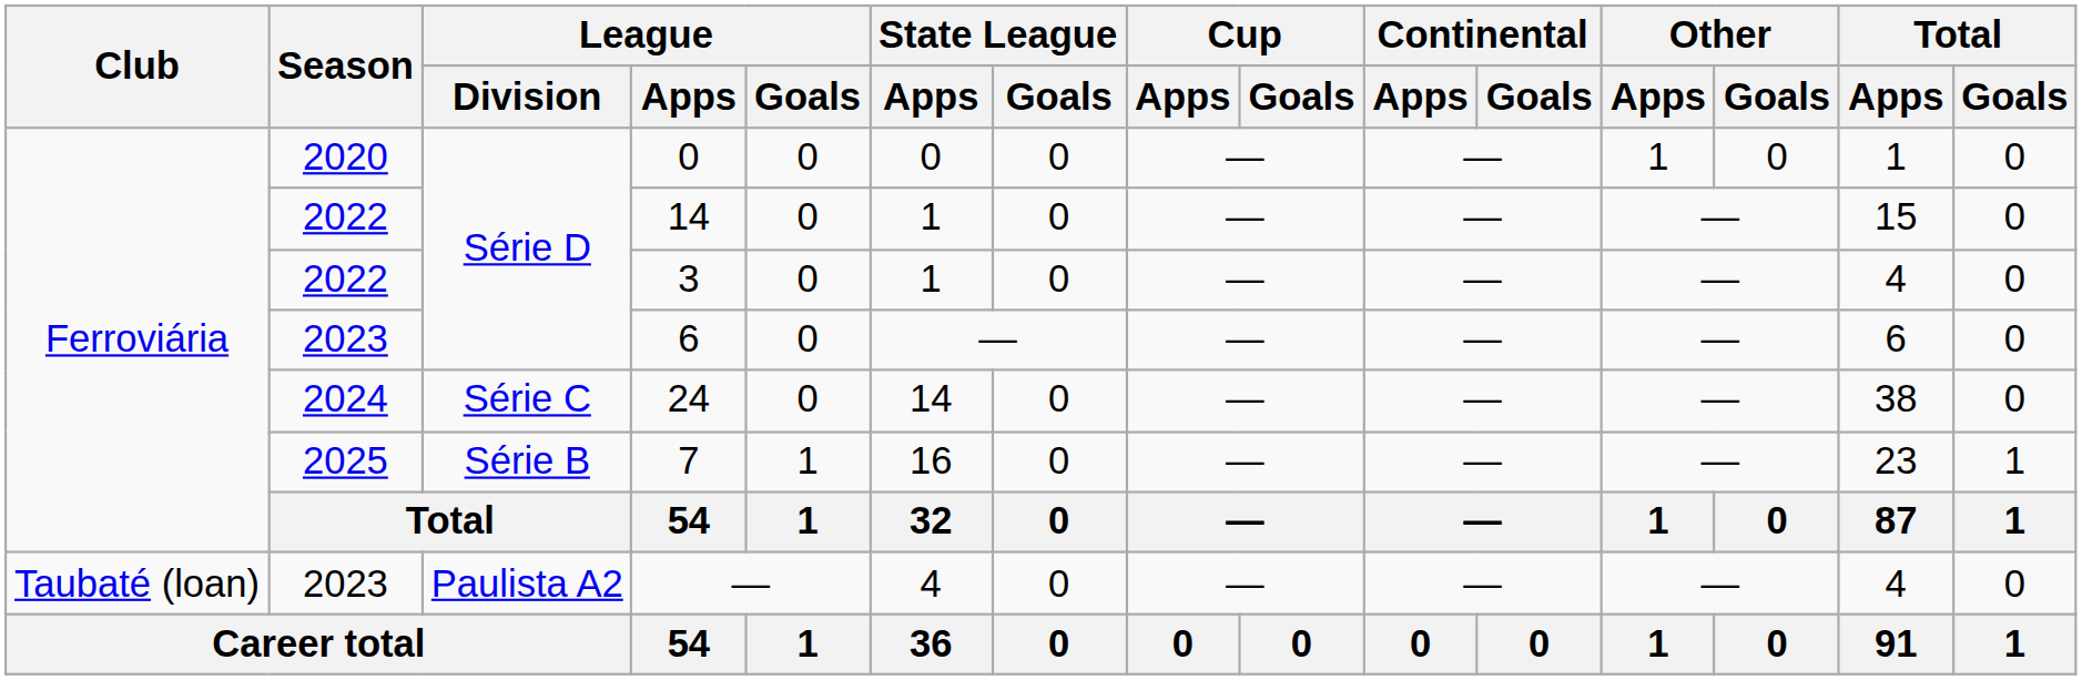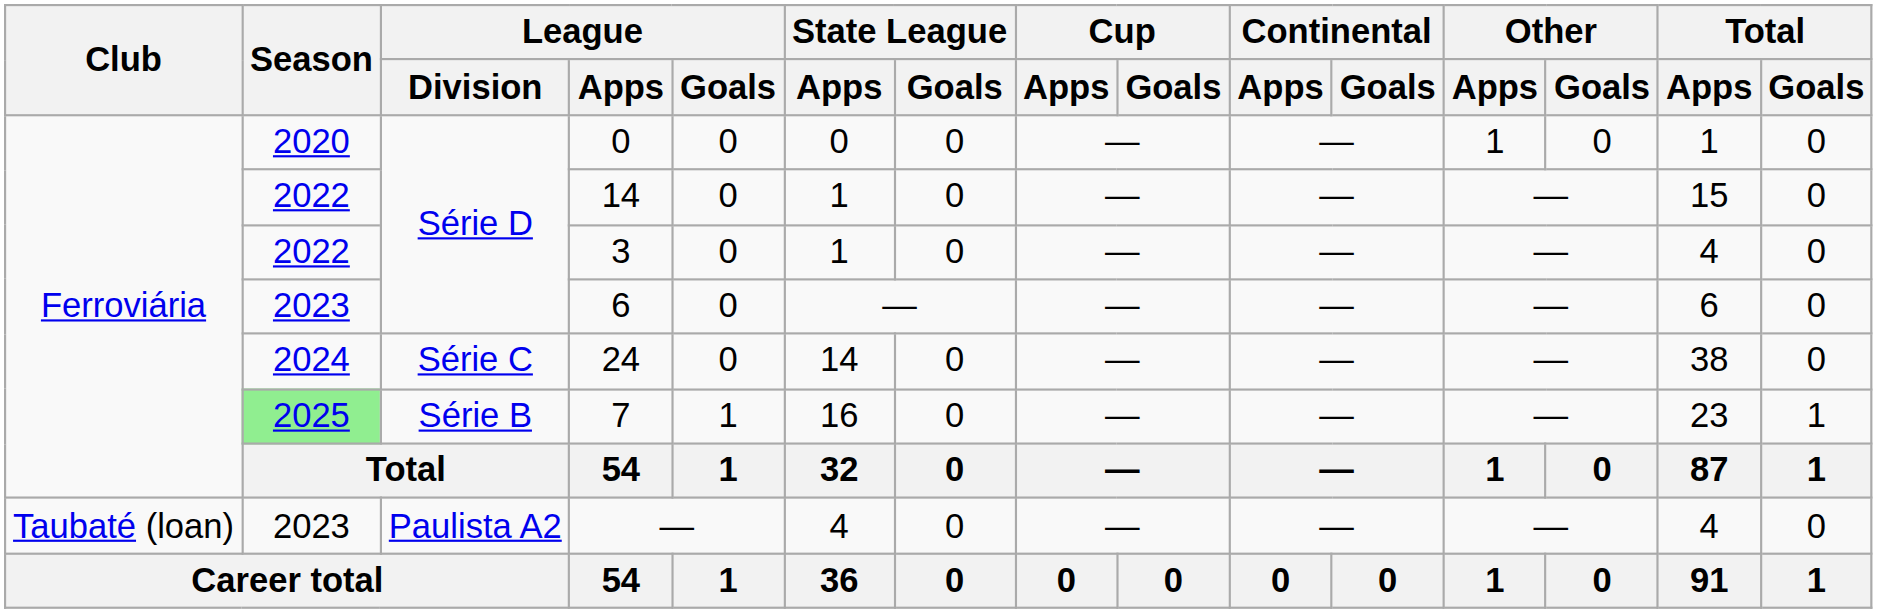 <table class="wikitable" style="text-align: center;">
 <tr>
 <th rowspan="2">Club</th>
 <th rowspan="2">Season</th>
 <th colspan="3">League</th>
 <th colspan="2">State League</th>
 <th colspan="2">Cup</th>
 <th colspan="2">Continental</th>
 <th colspan="2">Other</th>
 <th colspan="2">Total</th>
 </tr>
 <tr>
 <th>Division</th>
 <th>Apps</th>
 <th>Goals</th>
 <th>Apps</th>
 <th>Goals</th>
 <th>Apps</th>
 <th>Goals</th>
 <th>Apps</th>
 <th>Goals</th>
 <th>Apps</th>
 <th>Goals</th>
 <th>Apps</th>
 <th>Goals</th>
 </tr>
 <tr>
 <td rowspan="7"><a href='#'>Ferroviária</a></td>
 <td><a href='#'>2020</a></td>
 <td rowspan="4"><a href='#'>Série D</a></td>
 <td>0</td>
 <td>0</td>
 <td>0</td>
 <td>0</td>
 <td colspan="2">—</td>
 <td colspan="2">—</td>
 <td>1</td>
 <td>0</td>
 <td>1</td>
 <td>0</td>
 </tr>
 <tr>
 <td><a href='#'>2022</a></td>
 <td>14</td>
 <td>0</td>
 <td>1</td>
 <td>0</td>
 <td colspan="2">—</td>
 <td colspan="2">—</td>
 <td colspan="2">—</td>
 <td>15</td>
 <td>0</td>
 </tr>
 <tr>
 <td><a href='#'>2022</a></td>
 <td>3</td>
 <td>0</td>
 <td>1</td>
 <td>0</td>
 <td colspan="2">—</td>
 <td colspan="2">—</td>
 <td colspan="2">—</td>
 <td>4</td>
 <td>0</td>
 </tr>
 <tr>
 <td><a href='#'>2023</a></td>
 <td>6</td>
 <td>0</td>
 <td colspan="2">—</td>
 <td colspan="2">—</td>
 <td colspan="2">—</td>
 <td colspan="2">—</td>
 <td>6</td>
 <td>0</td>
 </tr>
 <tr>
 <td><a href='#'>2024</a></td>
 <td><a href='#'>Série C</a></td>
 <td>24</td>
 <td>0</td>
 <td>14</td>
 <td>0</td>
 <td colspan="2">—</td>
 <td colspan="2">—</td>
 <td colspan="2">—</td>
 <td>38</td>
 <td>0</td>
 </tr>
 <tr>
-<td><a href='#'>2025</a></td>
+<td style="background: lightgreen;"><a href='#'>2025</a></td>
 <td><a href='#'>Série B</a></td>
 <td>7</td>
 <td>1</td>
 <td>16</td>
 <td>0</td>
 <td colspan="2">—</td>
 <td colspan="2">—</td>
 <td colspan="2">—</td>
 <td>23</td>
 <td>1</td>
 </tr>
 <tr>
 <th colspan="2">Total</th>
 <th>54</th>
 <th>1</th>
 <th>32</th>
 <th>0</th>
 <th colspan="2">—</th>
 <th colspan="2">—</th>
 <th>1</th>
 <th>0</th>
 <th>87</th>
 <th>1</th>
 </tr>
 <tr>
 <td><a href='#'>Taubaté</a> (loan)</td>
 <td>2023</td>
 <td><a href='#'>Paulista A2</a></td>
 <td colspan="2">—</td>
 <td>4</td>
 <td>0</td>
 <td colspan="2">—</td>
 <td colspan="2">—</td>
 <td colspan="2">—</td>
 <td>4</td>
 <td>0</td>
 </tr>
 <tr>
 <th colspan="3">Career total</th>
 <th>54</th>
 <th>1</th>
 <th>36</th>
 <th>0</th>
 <th>0</th>
 <th>0</th>
 <th>0</th>
 <th>0</th>
 <th>1</th>
 <th>0</th>
 <th>91</th>
 <th>1</th>
 </tr>
 </table>
